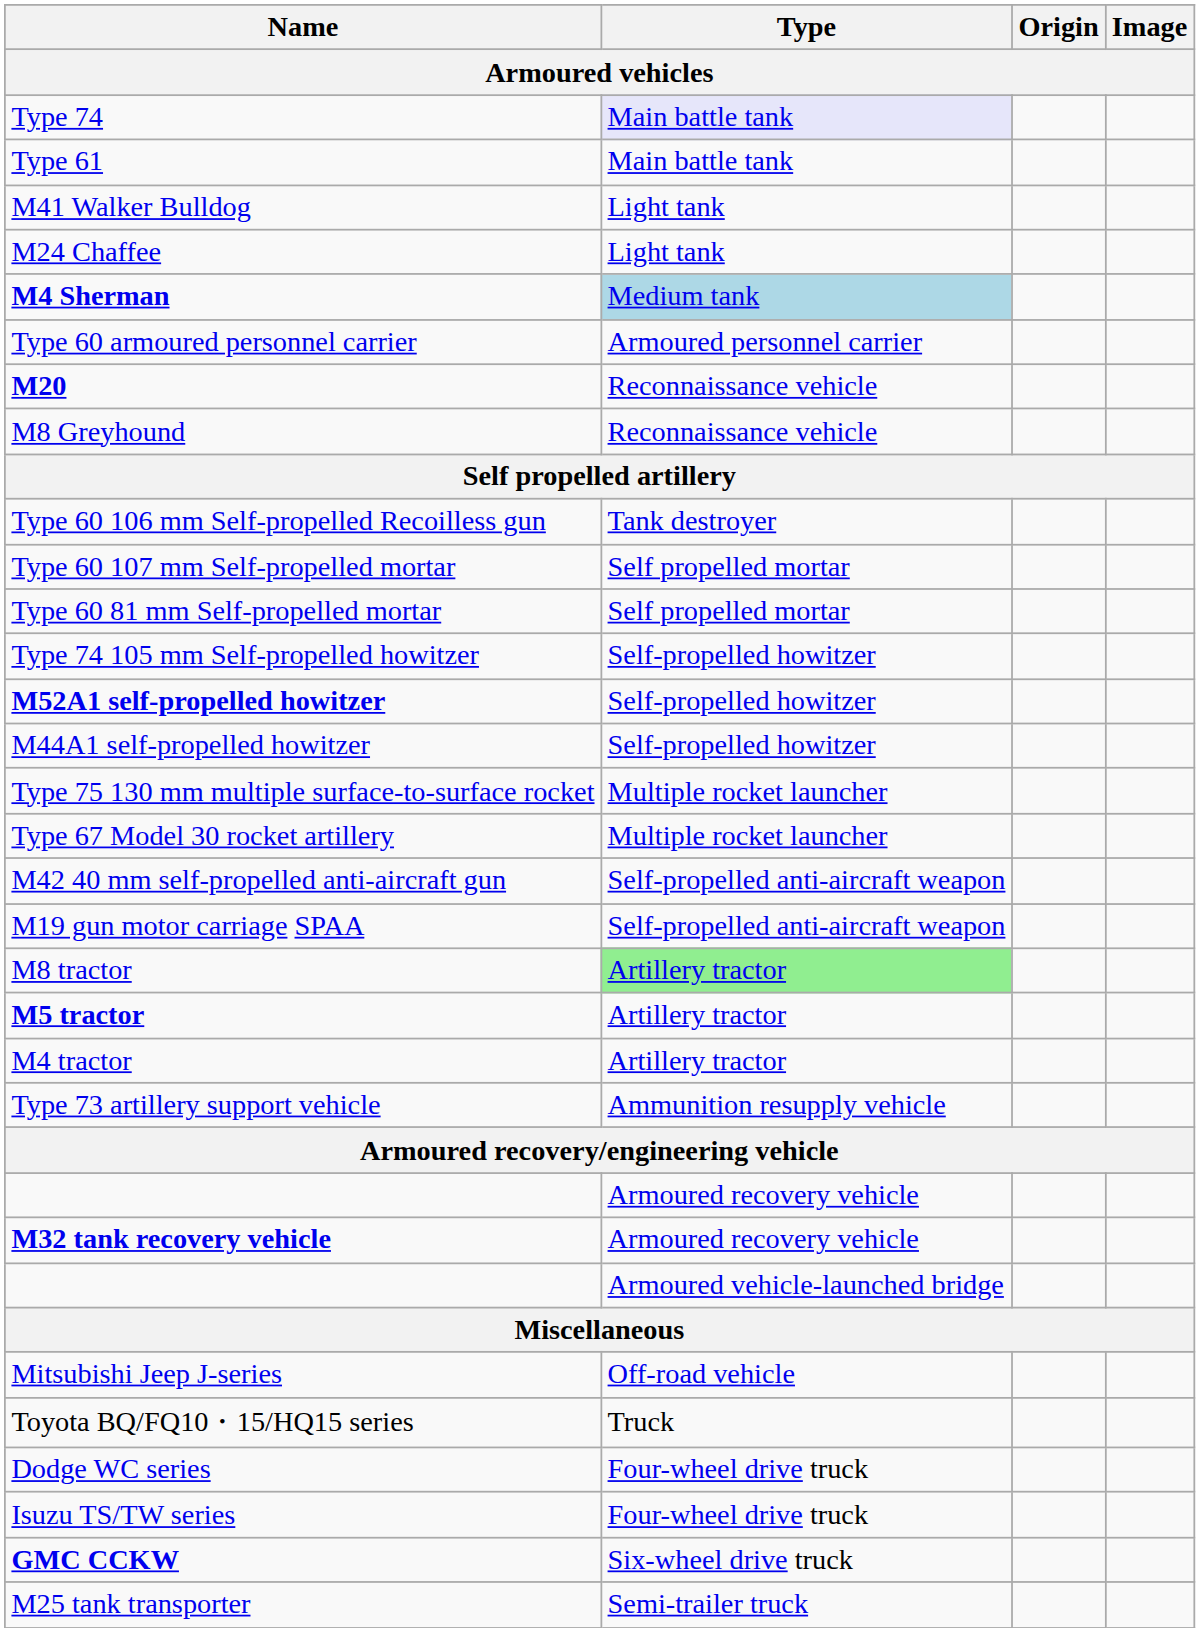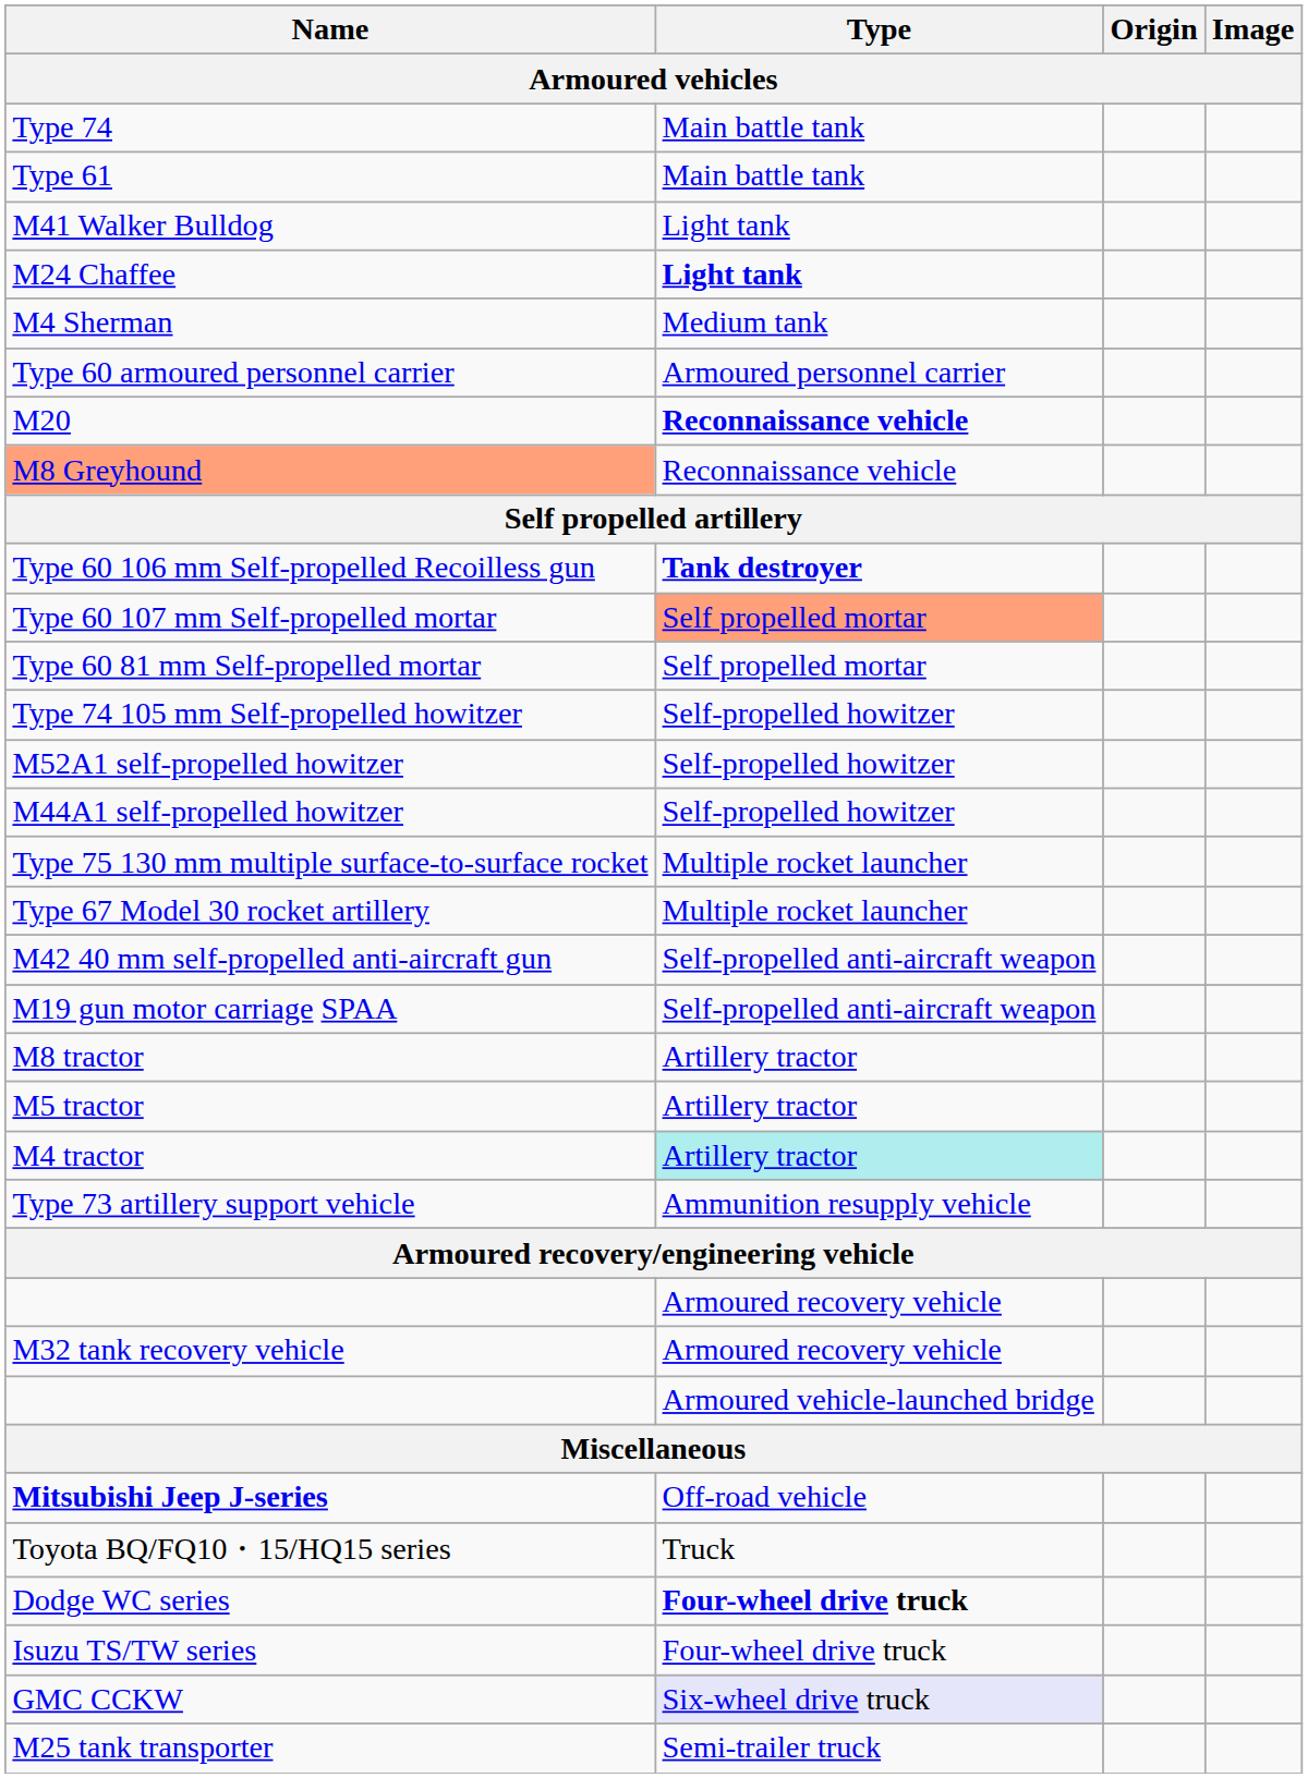 <table class="wikitable">
 <tr>
 <th>Name</th>
 <th>Type</th>
 <th>Origin</th>
 <th>Image</th>
 </tr>
 <tr>
 <th colspan="4" style="align: center;">Armoured vehicles</th>
 </tr>
 <tr>
 <td><a href='#'>Type 74</a></td>
-<td style="background: lavender;"><a href='#'>Main battle tank</a></td>
+<td><a href='#'>Main battle tank</a></td>
 <td></td>
 <td></td>
 </tr>
 <tr>
 <td><a href='#'>Type 61</a></td>
 <td><a href='#'>Main battle tank</a></td>
 <td></td>
 <td></td>
 </tr>
 <tr>
 <td><a href='#'>M41 Walker Bulldog</a></td>
 <td><a href='#'>Light tank</a></td>
 <td></td>
 <td></td>
 </tr>
 <tr>
 <td><a href='#'>M24 Chaffee</a></td>
-<td><a href='#'>Light tank</a></td>
+<td><strong><a href='#'>Light tank</a></strong></td>
 <td></td>
 <td></td>
 </tr>
 <tr>
-<td><strong><a href='#'>M4 Sherman</a></strong></td>
-<td style="background: lightblue;"><a href='#'>Medium tank</a></td>
+<td><a href='#'>M4 Sherman</a></td>
+<td><a href='#'>Medium tank</a></td>
 <td></td>
 <td></td>
 </tr>
 <tr>
 <td><a href='#'>Type 60 armoured personnel carrier</a></td>
 <td><a href='#'>Armoured personnel carrier</a></td>
 <td></td>
 <td></td>
 </tr>
 <tr>
-<td><strong><a href='#'>M20</a></strong></td>
-<td><a href='#'>Reconnaissance vehicle</a></td>
+<td><a href='#'>M20</a></td>
+<td><strong><a href='#'>Reconnaissance vehicle</a></strong></td>
 <td></td>
 <td></td>
 </tr>
 <tr>
-<td><a href='#'>M8 Greyhound</a></td>
+<td style="background: lightsalmon;"><a href='#'>M8 Greyhound</a></td>
 <td><a href='#'>Reconnaissance vehicle</a></td>
 <td></td>
 <td></td>
 </tr>
 <tr>
 <th colspan="4" style="align: center;">Self propelled artillery</th>
 </tr>
 <tr>
 <td><a href='#'>Type 60 106 mm Self-propelled Recoilless gun</a></td>
-<td><a href='#'>Tank destroyer</a></td>
+<td><strong><a href='#'>Tank destroyer</a></strong></td>
 <td></td>
 <td></td>
 </tr>
 <tr>
 <td><a href='#'>Type 60 107 mm Self-propelled mortar</a></td>
-<td><a href='#'>Self propelled mortar</a></td>
+<td style="background: lightsalmon;"><a href='#'>Self propelled mortar</a></td>
 <td></td>
 <td></td>
 </tr>
 <tr>
 <td><a href='#'>Type 60 81 mm Self-propelled mortar</a></td>
 <td><a href='#'>Self propelled mortar</a></td>
 <td></td>
 <td></td>
 </tr>
 <tr>
 <td><a href='#'>Type 74 105 mm Self-propelled howitzer</a></td>
 <td><a href='#'>Self-propelled howitzer</a></td>
 <td></td>
 <td></td>
 </tr>
 <tr>
-<td><strong><a href='#'>M52A1 self-propelled howitzer</a></strong></td>
+<td><a href='#'>M52A1 self-propelled howitzer</a></td>
 <td><a href='#'>Self-propelled howitzer</a></td>
 <td></td>
 <td></td>
 </tr>
 <tr>
 <td><a href='#'>M44A1 self-propelled howitzer</a></td>
 <td><a href='#'>Self-propelled howitzer</a></td>
 <td></td>
 <td></td>
 </tr>
 <tr>
 <td><a href='#'>Type 75 130 mm multiple surface-to-surface rocket</a></td>
 <td><a href='#'>Multiple rocket launcher</a></td>
 <td></td>
 <td></td>
 </tr>
 <tr>
 <td><a href='#'>Type 67 Model 30 rocket artillery</a></td>
 <td><a href='#'>Multiple rocket launcher</a></td>
 <td></td>
 <td></td>
 </tr>
 <tr>
 <td><a href='#'>M42 40 mm self-propelled anti-aircraft gun</a></td>
 <td><a href='#'>Self-propelled anti-aircraft weapon</a></td>
 <td></td>
 <td></td>
 </tr>
 <tr>
 <td><a href='#'>M19 gun motor carriage</a> <a href='#'>SPAA</a></td>
 <td><a href='#'>Self-propelled anti-aircraft weapon</a></td>
 <td></td>
 <td></td>
 </tr>
 <tr>
 <td><a href='#'>M8 tractor</a></td>
-<td style="background: lightgreen;"><a href='#'>Artillery tractor</a></td>
+<td><a href='#'>Artillery tractor</a></td>
 <td></td>
 <td></td>
 </tr>
 <tr>
-<td><strong><a href='#'>M5 tractor</a></strong></td>
+<td><a href='#'>M5 tractor</a></td>
 <td><a href='#'>Artillery tractor</a></td>
 <td></td>
 <td></td>
 </tr>
 <tr>
 <td><a href='#'>M4 tractor</a></td>
-<td><a href='#'>Artillery tractor</a></td>
+<td style="background: paleturquoise;"><a href='#'>Artillery tractor</a></td>
 <td></td>
 <td></td>
 </tr>
 <tr>
 <td><a href='#'>Type 73 artillery support vehicle</a></td>
 <td><a href='#'>Ammunition resupply vehicle</a></td>
 <td></td>
 <td></td>
 </tr>
 <tr>
 <th colspan="5" style="align: center;">Armoured recovery/engineering vehicle</th>
 </tr>
 <tr>
 <td></td>
 <td><a href='#'>Armoured recovery vehicle</a></td>
 <td></td>
 <td></td>
 </tr>
 <tr>
-<td><strong><a href='#'>M32 tank recovery vehicle</a></strong></td>
+<td><a href='#'>M32 tank recovery vehicle</a></td>
 <td><a href='#'>Armoured recovery vehicle</a></td>
 <td></td>
 <td></td>
 </tr>
 <tr>
 <td></td>
 <td><a href='#'>Armoured vehicle-launched bridge</a></td>
 <td></td>
 <td></td>
 </tr>
 <tr>
 <th colspan="5" style="align: center;">Miscellaneous</th>
 </tr>
 <tr>
-<td><a href='#'>Mitsubishi Jeep J-series</a></td>
+<td><strong><a href='#'>Mitsubishi Jeep J-series</a></strong></td>
 <td><a href='#'>Off-road vehicle</a></td>
 <td></td>
 <td></td>
 </tr>
 <tr>
 <td>Toyota BQ/FQ10・15/HQ15 series</td>
 <td>Truck</td>
 <td></td>
 <td></td>
 </tr>
 <tr>
 <td><a href='#'>Dodge WC series</a></td>
-<td><a href='#'>Four-wheel drive</a> truck</td>
+<td><strong><a href='#'>Four-wheel drive</a> truck</strong></td>
 <td></td>
 <td></td>
 </tr>
 <tr>
 <td><a href='#'>Isuzu TS/TW series</a></td>
 <td><a href='#'>Four-wheel drive</a> truck</td>
 <td></td>
 <td></td>
 </tr>
 <tr>
-<td><strong><a href='#'>GMC CCKW</a></strong></td>
-<td><a href='#'>Six-wheel drive</a> truck</td>
+<td><a href='#'>GMC CCKW</a></td>
+<td style="background: lavender;"><a href='#'>Six-wheel drive</a> truck</td>
 <td></td>
 <td></td>
 </tr>
 <tr>
 <td><a href='#'>M25 tank transporter</a></td>
 <td><a href='#'>Semi-trailer truck</a></td>
 <td></td>
 <td></td>
 </tr>
 </table>
